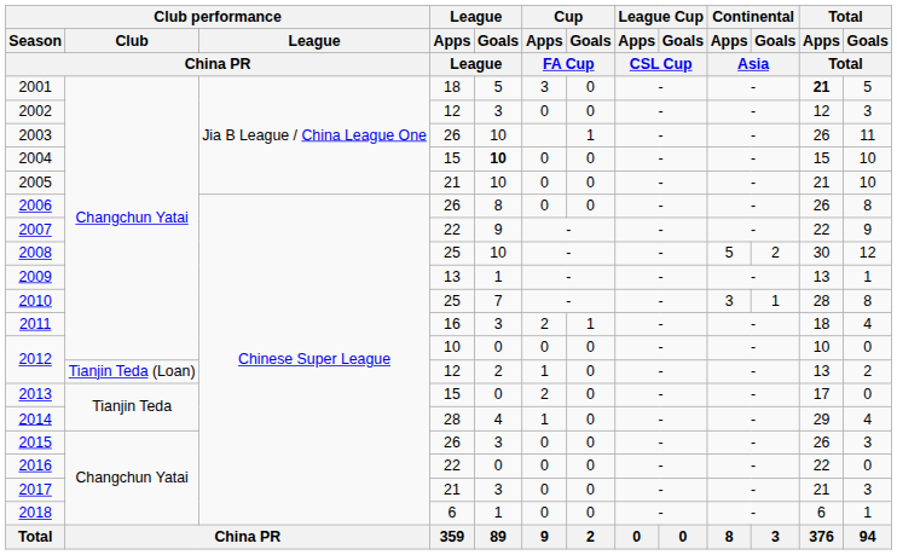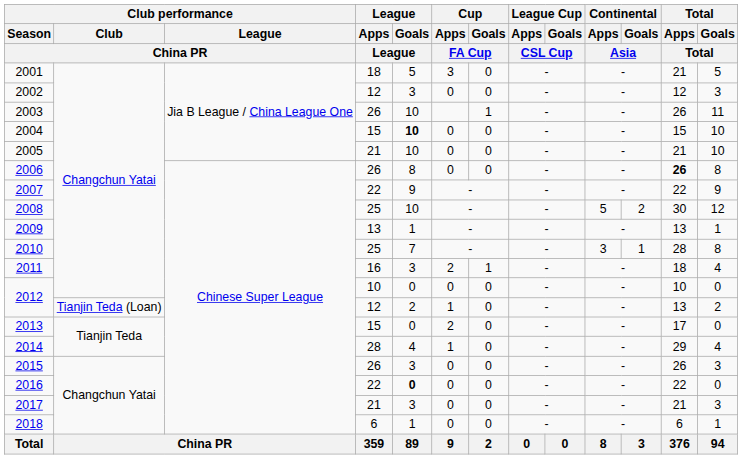 <table class="wikitable" style="text-align:center">
 <tr>
 <th colspan=3>Club performance</th>
 <th colspan=2>League</th>
 <th colspan=2>Cup</th>
 <th colspan=2>League Cup</th>
 <th colspan=2>Continental</th>
 <th colspan=2>Total</th>
 </tr>
 <tr>
 <th>Season</th>
 <th>Club</th>
 <th>League</th>
 <th>Apps</th>
 <th>Goals</th>
 <th>Apps</th>
 <th>Goals</th>
 <th>Apps</th>
 <th>Goals</th>
 <th>Apps</th>
 <th>Goals</th>
 <th>Apps</th>
 <th>Goals</th>
 </tr>
 <tr>
 <th colspan=3>China PR</th>
 <th colspan=2>League</th>
 <th colspan=2><a href='#'>FA Cup</a></th>
 <th colspan=2><a href='#'>CSL Cup</a></th>
 <th colspan=2><a href='#'>Asia</a></th>
 <th colspan=2>Total</th>
 </tr>
 <tr>
 <td>2001</td>
 <td rowspan="12"><a href='#'>Changchun Yatai</a></td>
 <td rowspan="5">Jia B League / <a href='#'>China League One</a></td>
 <td>18</td>
 <td>5</td>
 <td>3</td>
 <td>0</td>
 <td colspan="2">-</td>
 <td colspan="2">-</td>
-<td><strong>21</strong></td>
+<td>21</td>
 <td>5</td>
 </tr>
 <tr>
 <td>2002</td>
 <td>12</td>
 <td>3</td>
 <td>0</td>
 <td>0</td>
 <td colspan="2">-</td>
 <td colspan="2">-</td>
 <td>12</td>
 <td>3</td>
 </tr>
 <tr>
 <td>2003</td>
 <td>26</td>
 <td>10</td>
 <td></td>
 <td>1</td>
 <td colspan="2">-</td>
 <td colspan="2">-</td>
 <td>26</td>
 <td>11</td>
 </tr>
 <tr>
 <td>2004</td>
 <td>15</td>
 <td><strong>10</strong></td>
 <td>0</td>
 <td>0</td>
 <td colspan="2">-</td>
 <td colspan="2">-</td>
 <td>15</td>
 <td>10</td>
 </tr>
 <tr>
 <td>2005</td>
 <td>21</td>
 <td>10</td>
 <td>0</td>
 <td>0</td>
 <td colspan="2">-</td>
 <td colspan="2">-</td>
 <td>21</td>
 <td>10</td>
 </tr>
 <tr>
 <td><a href='#'>2006</a></td>
 <td rowspan="14"><a href='#'>Chinese Super League</a></td>
 <td>26</td>
 <td>8</td>
 <td>0</td>
 <td>0</td>
 <td colspan="2">-</td>
 <td colspan="2">-</td>
-<td>26</td>
+<td><strong>26</strong></td>
 <td>8</td>
 </tr>
 <tr>
 <td><a href='#'>2007</a></td>
 <td>22</td>
 <td>9</td>
 <td colspan="2">-</td>
 <td colspan="2">-</td>
 <td colspan="2">-</td>
 <td>22</td>
 <td>9</td>
 </tr>
 <tr>
 <td><a href='#'>2008</a></td>
 <td>25</td>
 <td>10</td>
 <td colspan="2">-</td>
 <td colspan="2">-</td>
 <td>5</td>
 <td>2</td>
 <td>30</td>
 <td>12</td>
 </tr>
 <tr>
 <td><a href='#'>2009</a></td>
 <td>13</td>
 <td>1</td>
 <td colspan="2">-</td>
 <td colspan="2">-</td>
 <td colspan="2">-</td>
 <td>13</td>
 <td>1</td>
 </tr>
 <tr>
 <td><a href='#'>2010</a></td>
 <td>25</td>
 <td>7</td>
 <td colspan="2">-</td>
 <td colspan="2">-</td>
 <td>3</td>
 <td>1</td>
 <td>28</td>
 <td>8</td>
 </tr>
 <tr>
 <td><a href='#'>2011</a></td>
 <td>16</td>
 <td>3</td>
 <td>2</td>
 <td>1</td>
 <td colspan="2">-</td>
 <td colspan="2">-</td>
 <td>18</td>
 <td>4</td>
 </tr>
 <tr>
 <td rowspan="2"><a href='#'>2012</a></td>
 <td>10</td>
 <td>0</td>
 <td>0</td>
 <td>0</td>
 <td colspan="2">-</td>
 <td colspan="2">-</td>
 <td>10</td>
 <td>0</td>
 </tr>
 <tr>
 <td><a href='#'>Tianjin Teda</a> (Loan)</td>
 <td>12</td>
 <td>2</td>
 <td>1</td>
 <td>0</td>
 <td colspan="2">-</td>
 <td colspan="2">-</td>
 <td>13</td>
 <td>2</td>
 </tr>
 <tr>
 <td><a href='#'>2013</a></td>
 <td rowspan="2">Tianjin Teda</td>
 <td>15</td>
 <td>0</td>
 <td>2</td>
 <td>0</td>
 <td colspan="2">-</td>
 <td colspan="2">-</td>
 <td>17</td>
 <td>0</td>
 </tr>
 <tr>
 <td><a href='#'>2014</a></td>
 <td>28</td>
 <td>4</td>
 <td>1</td>
 <td>0</td>
 <td colspan="2">-</td>
 <td colspan="2">-</td>
 <td>29</td>
 <td>4</td>
 </tr>
 <tr>
 <td><a href='#'>2015</a></td>
 <td rowspan="4">Changchun Yatai</td>
 <td>26</td>
 <td>3</td>
 <td>0</td>
 <td>0</td>
 <td colspan="2">-</td>
 <td colspan="2">-</td>
 <td>26</td>
 <td>3</td>
 </tr>
 <tr>
 <td><a href='#'>2016</a></td>
 <td>22</td>
-<td>0</td>
+<td><strong>0</strong></td>
 <td>0</td>
 <td>0</td>
 <td colspan="2">-</td>
 <td colspan="2">-</td>
 <td>22</td>
 <td>0</td>
 </tr>
 <tr>
 <td><a href='#'>2017</a></td>
 <td>21</td>
 <td>3</td>
 <td>0</td>
 <td>0</td>
 <td colspan="2">-</td>
 <td colspan="2">-</td>
 <td>21</td>
 <td>3</td>
 </tr>
 <tr>
 <td><a href='#'>2018</a></td>
 <td>6</td>
 <td>1</td>
 <td>0</td>
 <td>0</td>
 <td colspan="2">-</td>
 <td colspan="2">-</td>
 <td>6</td>
 <td>1</td>
 </tr>
 <tr>
 <th rowspan=3>Total</th>
 <th colspan=2>China PR</th>
 <th>359</th>
 <th>89</th>
 <th>9</th>
 <th>2</th>
 <th>0</th>
 <th>0</th>
 <th>8</th>
 <th>3</th>
 <th>376</th>
 <th>94</th>
 </tr>
 </table>
